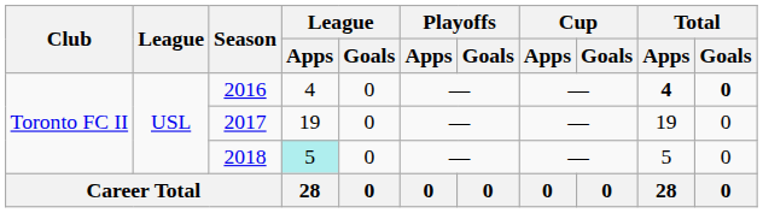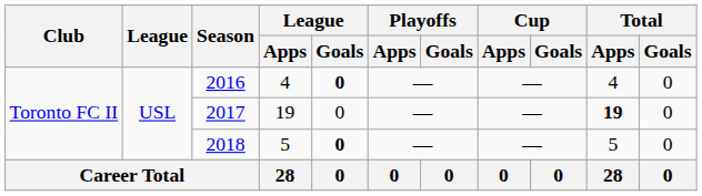 <table class="wikitable" style="text-align: center;">
 <tr>
 <th rowspan="2">Club</th>
 <th rowspan="2">League</th>
 <th rowspan="2">Season</th>
 <th colspan="2">League</th>
 <th colspan="2">Playoffs</th>
 <th colspan="2">Cup</th>
 <th colspan="2">Total</th>
 </tr>
 <tr>
 <th>Apps</th>
 <th>Goals</th>
 <th>Apps</th>
 <th>Goals</th>
 <th>Apps</th>
 <th>Goals</th>
 <th>Apps</th>
 <th>Goals</th>
 </tr>
 <tr>
 <td rowspan="3"><a href='#'>Toronto FC II</a></td>
 <td rowspan="3"><a href='#'>USL</a></td>
 <td><a href='#'>2016</a></td>
 <td>4</td>
-<td>0</td>
+<td><strong>0</strong></td>
 <td colspan="2">—</td>
 <td colspan="2">—</td>
-<td><strong>4</strong></td>
-<td><strong>0</strong></td>
+<td>4</td>
+<td>0</td>
 </tr>
 <tr>
 <td><a href='#'>2017</a></td>
 <td>19</td>
 <td>0</td>
 <td colspan="2">—</td>
 <td colspan="2">—</td>
-<td>19</td>
+<td><strong>19</strong></td>
 <td>0</td>
 </tr>
 <tr>
 <td><a href='#'>2018</a></td>
-<td style="background: paleturquoise;">5</td>
-<td>0</td>
+<td>5</td>
+<td><strong>0</strong></td>
 <td colspan="2">—</td>
 <td colspan="2">—</td>
 <td>5</td>
 <td>0</td>
 </tr>
 <tr>
 <th colspan="3">Career Total</th>
 <th>28</th>
 <th>0</th>
 <th>0</th>
 <th>0</th>
 <th>0</th>
 <th>0</th>
 <th>28</th>
 <th>0</th>
 </tr>
 </table>
